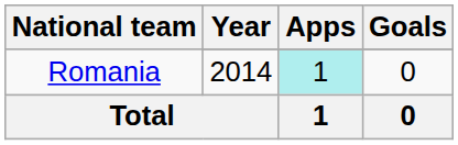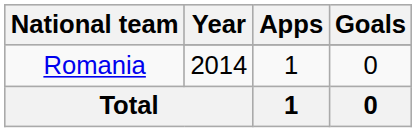 <table class="wikitable" style="text-align: center;">
 <tr>
 <th>National team</th>
 <th>Year</th>
 <th>Apps</th>
 <th>Goals</th>
 </tr>
 <tr>
 <td rowspan="2"><a href='#'>Romania</a></td>
 </tr>
 <tr>
 <td>2014</td>
-<td style="background: paleturquoise;">1</td>
+<td>1</td>
 <td>0</td>
 </tr>
 <tr>
 <th colspan=2>Total</th>
 <th>1</th>
 <th>0</th>
 </tr>
 </table>
